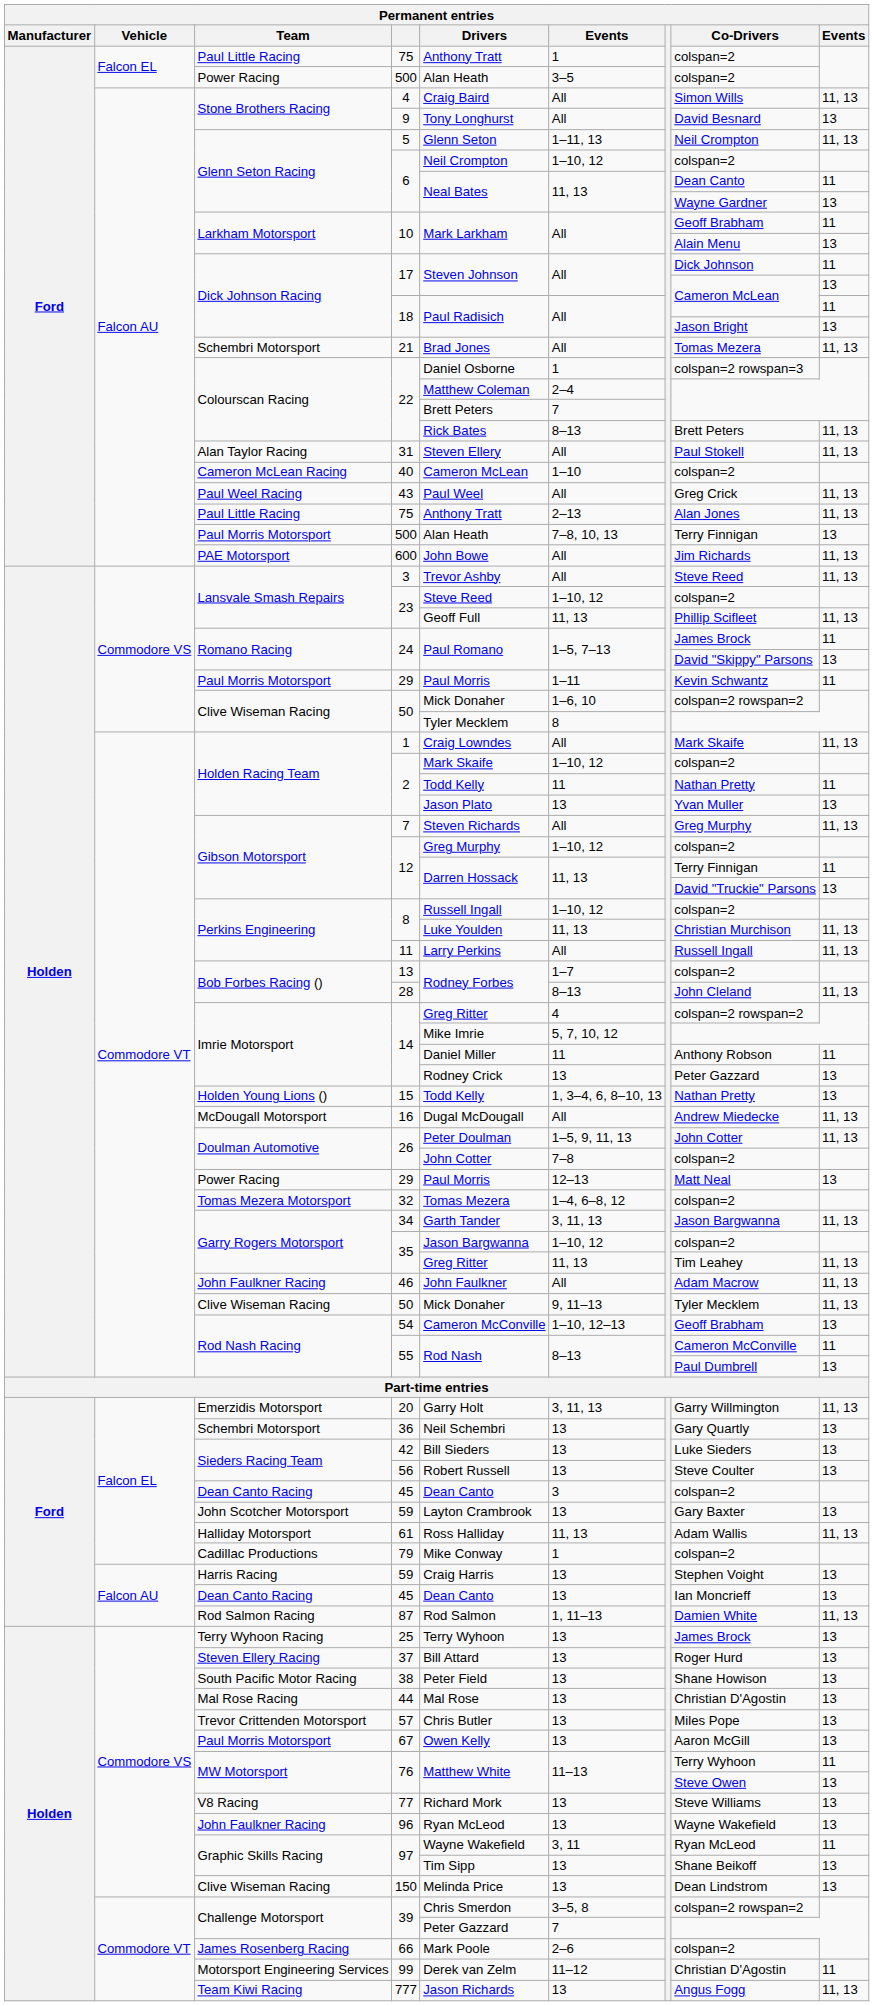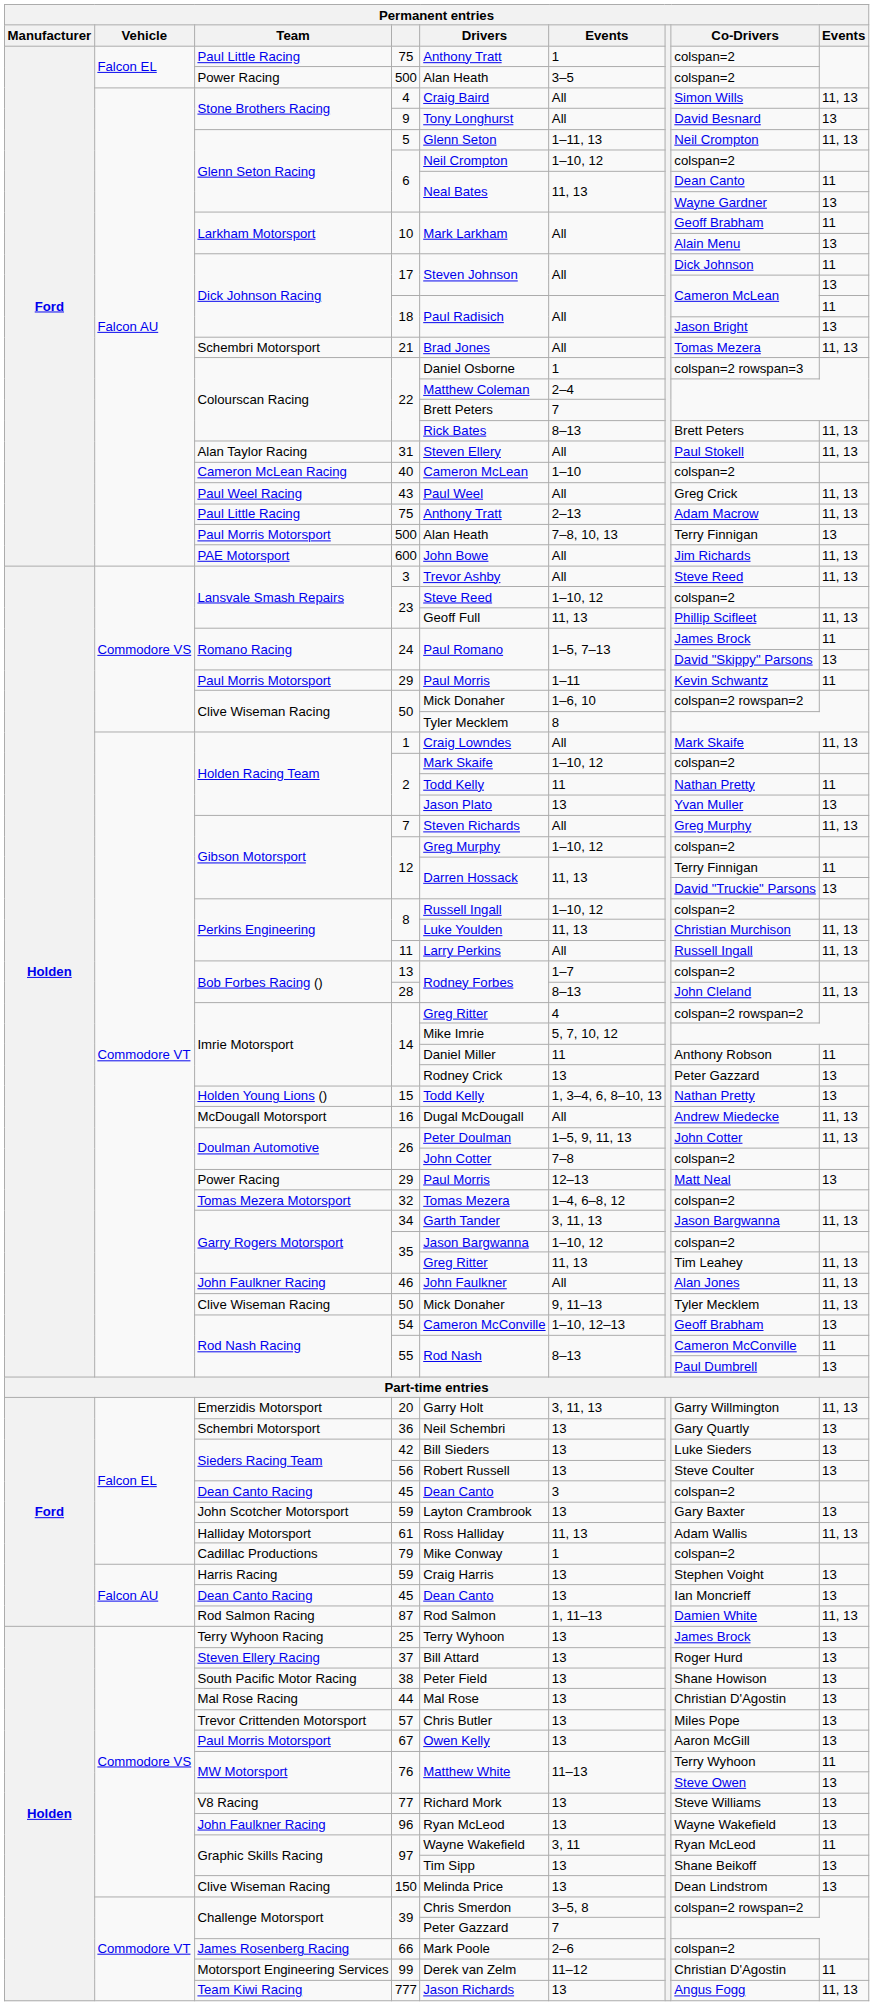 <table class="wikitable" style="font-size: 85%;">
 <tr>
 <th colspan=9>Permanent entries</th>
 </tr>
 <tr>
 <th>Manufacturer</th>
 <th>Vehicle</th>
 <th>Team</th>
 <th></th>
 <th>Drivers</th>
 <th>Events</th>
 <th rowspan=65></th>
 <th>Co-Drivers</th>
 <th>Events</th>
 </tr>
 <tr>
 <th rowspan=25><a href='#'>Ford</a></th>
 <td rowspan=2><a href='#'>Falcon EL</a></td>
 <td><a href='#'>Paul Little Racing</a></td>
 <td align=center>75</td>
 <td> <a href='#'>Anthony Tratt</a></td>
 <td>1</td>
 <td>colspan=2 </td>
 </tr>
 <tr>
 <td>Power Racing</td>
 <td align=center>500</td>
 <td> Alan Heath</td>
 <td>3–5</td>
 <td>colspan=2 </td>
 </tr>
 <tr>
 <td rowspan=23><a href='#'>Falcon AU</a></td>
 <td rowspan=2><a href='#'>Stone Brothers Racing</a></td>
 <td align=center>4</td>
 <td> <a href='#'>Craig Baird</a></td>
 <td>All</td>
 <td> <a href='#'>Simon Wills</a></td>
 <td>11, 13</td>
 </tr>
 <tr>
 <td align=center>9</td>
 <td> <a href='#'>Tony Longhurst</a></td>
 <td>All</td>
 <td> <a href='#'>David Besnard</a></td>
 <td>13</td>
 </tr>
 <tr>
 <td rowspan=4><a href='#'>Glenn Seton Racing</a></td>
 <td align=center>5</td>
 <td> <a href='#'>Glenn Seton</a></td>
 <td>1–11, 13</td>
 <td> <a href='#'>Neil Crompton</a></td>
 <td>11, 13</td>
 </tr>
 <tr>
 <td rowspan=3 align=center>6</td>
 <td> <a href='#'>Neil Crompton</a></td>
 <td>1–10, 12</td>
 <td>colspan=2 </td>
 </tr>
 <tr>
 <td rowspan=2> <a href='#'>Neal Bates</a></td>
 <td rowspan=2>11, 13</td>
 <td> <a href='#'>Dean Canto</a></td>
 <td>11</td>
 </tr>
 <tr>
 <td> <a href='#'>Wayne Gardner</a></td>
 <td>13</td>
 </tr>
 <tr>
 <td rowspan=2><a href='#'>Larkham Motorsport</a></td>
 <td rowspan=2 align=center>10</td>
 <td rowspan=2> <a href='#'>Mark Larkham</a></td>
 <td rowspan=2>All</td>
 <td> <a href='#'>Geoff Brabham</a></td>
 <td>11</td>
 </tr>
 <tr>
 <td> <a href='#'>Alain Menu</a></td>
 <td>13</td>
 </tr>
 <tr>
 <td rowspan=4><a href='#'>Dick Johnson Racing</a></td>
 <td rowspan=2 align=center>17</td>
 <td rowspan=2> <a href='#'>Steven Johnson</a></td>
 <td rowspan=2>All</td>
 <td> <a href='#'>Dick Johnson</a></td>
 <td>11</td>
 </tr>
 <tr>
 <td rowspan=2> <a href='#'>Cameron McLean</a></td>
 <td>13</td>
 </tr>
 <tr>
 <td rowspan=2 align=center>18</td>
 <td rowspan=2> <a href='#'>Paul Radisich</a></td>
 <td rowspan=2>All</td>
 <td>11</td>
 </tr>
 <tr>
 <td> <a href='#'>Jason Bright</a></td>
 <td>13</td>
 </tr>
 <tr>
 <td>Schembri Motorsport</td>
 <td align=center>21</td>
 <td> <a href='#'>Brad Jones</a></td>
 <td>All</td>
 <td> <a href='#'>Tomas Mezera</a></td>
 <td>11, 13</td>
 </tr>
 <tr>
 <td rowspan=4>Colourscan Racing</td>
 <td rowspan=4 align=center>22</td>
 <td> Daniel Osborne</td>
 <td>1</td>
 <td>colspan=2 rowspan=3 </td>
 </tr>
 <tr>
 <td> <a href='#'>Matthew Coleman</a></td>
 <td>2–4</td>
 </tr>
 <tr>
 <td> Brett Peters</td>
 <td>7</td>
 </tr>
 <tr>
 <td> <a href='#'>Rick Bates</a></td>
 <td>8–13</td>
 <td> Brett Peters</td>
 <td>11, 13</td>
 </tr>
 <tr>
 <td>Alan Taylor Racing</td>
 <td align=center>31</td>
 <td> <a href='#'>Steven Ellery</a></td>
 <td>All</td>
 <td> <a href='#'>Paul Stokell</a></td>
 <td>11, 13</td>
 </tr>
 <tr>
 <td><a href='#'>Cameron McLean Racing</a></td>
 <td align=center>40</td>
 <td> <a href='#'>Cameron McLean</a></td>
 <td>1–10</td>
 <td>colspan=2 </td>
 </tr>
 <tr>
 <td><a href='#'>Paul Weel Racing</a></td>
 <td align=center>43</td>
 <td> <a href='#'>Paul Weel</a></td>
 <td>All</td>
 <td> Greg Crick</td>
 <td>11, 13</td>
 </tr>
 <tr>
 <td><a href='#'>Paul Little Racing</a></td>
 <td align=center>75</td>
 <td> <a href='#'>Anthony Tratt</a></td>
 <td>2–13</td>
-<td> <a href='#'>Alan Jones</a></td>
+<td> <a href='#'>Adam Macrow</a></td>
 <td>11, 13</td>
 </tr>
 <tr>
 <td><a href='#'>Paul Morris Motorsport</a></td>
 <td align=center>500</td>
 <td> Alan Heath</td>
 <td>7–8, 10, 13</td>
 <td> Terry Finnigan</td>
 <td>13</td>
 </tr>
 <tr>
 <td><a href='#'>PAE Motorsport</a></td>
 <td align=center>600</td>
 <td> <a href='#'>John Bowe</a></td>
 <td>All</td>
 <td> <a href='#'>Jim Richards</a></td>
 <td>11, 13</td>
 </tr>
 <tr>
 <th rowspan=39><a href='#'>Holden</a></th>
 <td rowspan=8><a href='#'>Commodore VS</a></td>
 <td rowspan=3><a href='#'>Lansvale Smash Repairs</a></td>
 <td align=center>3</td>
 <td> <a href='#'>Trevor Ashby</a></td>
 <td>All</td>
 <td> <a href='#'>Steve Reed</a></td>
 <td>11, 13</td>
 </tr>
 <tr>
 <td rowspan=2 align=center>23</td>
 <td> <a href='#'>Steve Reed</a></td>
 <td>1–10, 12</td>
 <td>colspan=2 </td>
 </tr>
 <tr>
 <td> Geoff Full</td>
 <td>11, 13</td>
 <td> <a href='#'>Phillip Scifleet</a></td>
 <td>11, 13</td>
 </tr>
 <tr>
 <td rowspan=2><a href='#'>Romano Racing</a></td>
 <td rowspan=2 align=center>24</td>
 <td rowspan=2> <a href='#'>Paul Romano</a></td>
 <td rowspan=2>1–5, 7–13</td>
 <td> <a href='#'>James Brock</a></td>
 <td>11</td>
 </tr>
 <tr>
 <td> <a href='#'>David "Skippy" Parsons</a></td>
 <td>13</td>
 </tr>
 <tr>
 <td><a href='#'>Paul Morris Motorsport</a></td>
 <td align=center>29</td>
 <td> <a href='#'>Paul Morris</a></td>
 <td>1–11</td>
 <td> <a href='#'>Kevin Schwantz</a></td>
 <td>11</td>
 </tr>
 <tr>
 <td rowspan=2>Clive Wiseman Racing</td>
 <td rowspan=2 align=center>50</td>
 <td> Mick Donaher</td>
 <td>1–6, 10</td>
 <td>colspan=2 rowspan=2 </td>
 </tr>
 <tr>
 <td> Tyler Mecklem</td>
 <td>8</td>
 </tr>
 <tr>
 <td rowspan=31><a href='#'>Commodore VT</a></td>
 <td rowspan=4><a href='#'>Holden Racing Team</a></td>
 <td align=center>1</td>
 <td> <a href='#'>Craig Lowndes</a></td>
 <td>All</td>
 <td> <a href='#'>Mark Skaife</a></td>
 <td>11, 13</td>
 </tr>
 <tr>
 <td rowspan=3 align=center>2</td>
 <td> <a href='#'>Mark Skaife</a></td>
 <td>1–10, 12</td>
 <td>colspan=2 </td>
 </tr>
 <tr>
 <td> <a href='#'>Todd Kelly</a></td>
 <td>11</td>
 <td> <a href='#'>Nathan Pretty</a></td>
 <td>11</td>
 </tr>
 <tr>
 <td> <a href='#'>Jason Plato</a></td>
 <td>13</td>
 <td> <a href='#'>Yvan Muller</a></td>
 <td>13</td>
 </tr>
 <tr>
 <td rowspan=4><a href='#'>Gibson Motorsport</a></td>
 <td align=center>7</td>
 <td> <a href='#'>Steven Richards</a></td>
 <td>All</td>
 <td> <a href='#'>Greg Murphy</a></td>
 <td>11, 13</td>
 </tr>
 <tr>
 <td rowspan=3 align=center>12</td>
 <td> <a href='#'>Greg Murphy</a></td>
 <td>1–10, 12</td>
 <td>colspan=2 </td>
 </tr>
 <tr>
 <td rowspan=2> <a href='#'>Darren Hossack</a></td>
 <td rowspan=2>11, 13</td>
 <td> Terry Finnigan</td>
 <td>11</td>
 </tr>
 <tr>
 <td> <a href='#'>David "Truckie" Parsons</a></td>
 <td>13</td>
 </tr>
 <tr>
 <td rowspan=3><a href='#'>Perkins Engineering</a></td>
 <td rowspan=2 align=center>8</td>
 <td> <a href='#'>Russell Ingall</a></td>
 <td>1–10, 12</td>
 <td>colspan=2 </td>
 </tr>
 <tr>
 <td> <a href='#'>Luke Youlden</a></td>
 <td>11, 13</td>
 <td> <a href='#'>Christian Murchison</a></td>
 <td>11, 13</td>
 </tr>
 <tr>
 <td align=center>11</td>
 <td> <a href='#'>Larry Perkins</a></td>
 <td>All</td>
 <td> <a href='#'>Russell Ingall</a></td>
 <td>11, 13</td>
 </tr>
 <tr>
 <td rowspan=2><a href='#'>Bob Forbes Racing</a> ()</td>
 <td align=center>13</td>
 <td rowspan=2> <a href='#'>Rodney Forbes</a></td>
 <td>1–7</td>
 <td>colspan=2 </td>
 </tr>
 <tr>
 <td align=center>28</td>
 <td>8–13</td>
 <td> <a href='#'>John Cleland</a></td>
 <td>11, 13</td>
 </tr>
 <tr>
 <td rowspan=4>Imrie Motorsport</td>
 <td rowspan=4 align=center>14</td>
 <td> <a href='#'>Greg Ritter</a></td>
 <td>4</td>
 <td>colspan=2 rowspan=2 </td>
 </tr>
 <tr>
 <td> Mike Imrie</td>
 <td>5, 7, 10, 12</td>
 </tr>
 <tr>
 <td> Daniel Miller</td>
 <td>11</td>
 <td> Anthony Robson</td>
 <td>11</td>
 </tr>
 <tr>
 <td> Rodney Crick</td>
 <td>13</td>
 <td> Peter Gazzard</td>
 <td>13</td>
 </tr>
 <tr>
 <td><a href='#'>Holden Young Lions</a> ()</td>
 <td align=center>15</td>
 <td> <a href='#'>Todd Kelly</a></td>
 <td>1, 3–4, 6, 8–10, 13</td>
 <td> <a href='#'>Nathan Pretty</a></td>
 <td>13</td>
 </tr>
 <tr>
 <td>McDougall Motorsport</td>
 <td align=center>16</td>
 <td> Dugal McDougall</td>
 <td>All</td>
 <td> <a href='#'>Andrew Miedecke</a></td>
 <td>11, 13</td>
 </tr>
 <tr>
 <td rowspan=2><a href='#'>Doulman Automotive</a></td>
 <td rowspan=2 align=center>26</td>
 <td> <a href='#'>Peter Doulman</a></td>
 <td>1–5, 9, 11, 13</td>
 <td> <a href='#'>John Cotter</a></td>
 <td>11, 13</td>
 </tr>
 <tr>
 <td> <a href='#'>John Cotter</a></td>
 <td>7–8</td>
 <td>colspan=2 </td>
 </tr>
 <tr>
 <td>Power Racing</td>
 <td align=center>29</td>
 <td> <a href='#'>Paul Morris</a></td>
 <td>12–13</td>
 <td> <a href='#'>Matt Neal</a></td>
 <td>13</td>
 </tr>
 <tr>
 <td><a href='#'>Tomas Mezera Motorsport</a></td>
 <td align=center>32</td>
 <td> <a href='#'>Tomas Mezera</a></td>
 <td>1–4, 6–8, 12</td>
 <td>colspan=2 </td>
 </tr>
 <tr>
 <td rowspan=3><a href='#'>Garry Rogers Motorsport</a></td>
 <td align=center>34</td>
 <td> <a href='#'>Garth Tander</a></td>
 <td>3, 11, 13</td>
 <td> <a href='#'>Jason Bargwanna</a></td>
 <td>11, 13</td>
 </tr>
 <tr>
 <td rowspan=2 align=center>35</td>
 <td> <a href='#'>Jason Bargwanna</a></td>
 <td>1–10, 12</td>
 <td>colspan=2 </td>
 </tr>
 <tr>
 <td> <a href='#'>Greg Ritter</a></td>
 <td>11, 13</td>
 <td> Tim Leahey</td>
 <td>11, 13</td>
 </tr>
 <tr>
 <td><a href='#'>John Faulkner Racing</a></td>
 <td align=center>46</td>
 <td> <a href='#'>John Faulkner</a></td>
 <td>All</td>
-<td> <a href='#'>Adam Macrow</a></td>
+<td> <a href='#'>Alan Jones</a></td>
 <td>11, 13</td>
 </tr>
 <tr>
 <td>Clive Wiseman Racing</td>
 <td align=center>50</td>
 <td> Mick Donaher</td>
 <td>9, 11–13</td>
 <td> Tyler Mecklem</td>
 <td>11, 13</td>
 </tr>
 <tr>
 <td rowspan=3><a href='#'>Rod Nash Racing</a></td>
 <td align=center>54</td>
 <td> <a href='#'>Cameron McConville</a></td>
 <td>1–10, 12–13</td>
 <td> <a href='#'>Geoff Brabham</a></td>
 <td>13</td>
 </tr>
 <tr>
 <td rowspan=2 align=center>55</td>
 <td rowspan=2> <a href='#'>Rod Nash</a></td>
 <td rowspan=2>8–13</td>
 <td> <a href='#'>Cameron McConville</a></td>
 <td>11</td>
 </tr>
 <tr>
 <td> <a href='#'>Paul Dumbrell</a></td>
 <td>13</td>
 </tr>
 <tr>
 <th colspan=9>Part-time entries</th>
 </tr>
 <tr>
 <th rowspan=11><a href='#'>Ford</a></th>
 <td rowspan=8><a href='#'>Falcon EL</a></td>
 <td>Emerzidis Motorsport</td>
 <td align=center>20</td>
 <td> Garry Holt</td>
 <td>3, 11, 13</td>
 <th rowspan=29></th>
 <td> Garry Willmington</td>
 <td>11, 13</td>
 </tr>
 <tr>
 <td>Schembri Motorsport</td>
 <td align=center>36</td>
 <td> Neil Schembri</td>
 <td>13</td>
 <td> Gary Quartly</td>
 <td>13</td>
 </tr>
 <tr>
 <td rowspan=2><a href='#'>Sieders Racing Team</a></td>
 <td align=center>42</td>
 <td> Bill Sieders</td>
 <td>13</td>
 <td> Luke Sieders</td>
 <td>13</td>
 </tr>
 <tr>
 <td align=center>56</td>
 <td> Robert Russell</td>
 <td>13</td>
 <td> Steve Coulter</td>
 <td>13</td>
 </tr>
 <tr>
 <td><a href='#'>Dean Canto Racing</a></td>
 <td align=center>45</td>
 <td> <a href='#'>Dean Canto</a></td>
 <td>3</td>
 <td>colspan=2 </td>
 </tr>
 <tr>
 <td>John Scotcher Motorsport</td>
 <td align=center>59</td>
 <td> Layton Crambrook</td>
 <td>13</td>
 <td> Gary Baxter</td>
 <td>13</td>
 </tr>
 <tr>
 <td>Halliday Motorsport</td>
 <td align=center>61</td>
 <td> Ross Halliday</td>
 <td>11, 13</td>
 <td> Adam Wallis</td>
 <td>11, 13</td>
 </tr>
 <tr>
 <td>Cadillac Productions</td>
 <td align=center>79</td>
 <td> Mike Conway</td>
 <td>1</td>
 <td>colspan=2 </td>
 </tr>
 <tr>
 <td rowspan=3><a href='#'>Falcon AU</a></td>
 <td>Harris Racing</td>
 <td align=center>59</td>
 <td> Craig Harris</td>
 <td>13</td>
 <td> Stephen Voight</td>
 <td>13</td>
 </tr>
 <tr>
 <td><a href='#'>Dean Canto Racing</a></td>
 <td align=center>45</td>
 <td> <a href='#'>Dean Canto</a></td>
 <td>13</td>
 <td> Ian Moncrieff</td>
 <td>13</td>
 </tr>
 <tr>
 <td>Rod Salmon Racing</td>
 <td align=center>87</td>
 <td> Rod Salmon</td>
 <td>1, 11–13</td>
 <td> <a href='#'>Damien White</a></td>
 <td>11, 13</td>
 </tr>
 <tr>
 <th rowspan=18><a href='#'>Holden</a></th>
 <td rowspan=13><a href='#'>Commodore VS</a></td>
 <td>Terry Wyhoon Racing</td>
 <td align=center>25</td>
 <td> Terry Wyhoon</td>
 <td>13</td>
 <td> <a href='#'>James Brock</a></td>
 <td>13</td>
 </tr>
 <tr>
 <td><a href='#'>Steven Ellery Racing</a></td>
 <td align=center>37</td>
 <td> Bill Attard</td>
 <td>13</td>
 <td> Roger Hurd</td>
 <td>13</td>
 </tr>
 <tr>
 <td>South Pacific Motor Racing</td>
 <td align=center>38</td>
 <td> Peter Field</td>
 <td>13</td>
 <td> Shane Howison</td>
 <td>13</td>
 </tr>
 <tr>
 <td>Mal Rose Racing</td>
 <td align=center>44</td>
 <td> Mal Rose</td>
 <td>13</td>
 <td> Christian D'Agostin</td>
 <td>13</td>
 </tr>
 <tr>
 <td>Trevor Crittenden Motorsport</td>
 <td align=center>57</td>
 <td> Chris Butler</td>
 <td>13</td>
 <td> Miles Pope</td>
 <td>13</td>
 </tr>
 <tr>
 <td><a href='#'>Paul Morris Motorsport</a></td>
 <td align=center>67</td>
 <td> <a href='#'>Owen Kelly</a></td>
 <td>13</td>
 <td> Aaron McGill</td>
 <td>13</td>
 </tr>
 <tr>
 <td rowspan=2><a href='#'>MW Motorsport</a></td>
 <td rowspan=2 align=center>76</td>
 <td rowspan=2> <a href='#'>Matthew White</a></td>
 <td rowspan=2>11–13</td>
 <td> Terry Wyhoon</td>
 <td>11</td>
 </tr>
 <tr>
 <td> <a href='#'>Steve Owen</a></td>
 <td>13</td>
 </tr>
 <tr>
 <td>V8 Racing</td>
 <td align=center>77</td>
 <td> Richard Mork</td>
 <td>13</td>
 <td> Steve Williams</td>
 <td>13</td>
 </tr>
 <tr>
 <td><a href='#'>John Faulkner Racing</a></td>
 <td align=center>96</td>
 <td> Ryan McLeod</td>
 <td>13</td>
 <td> Wayne Wakefield</td>
 <td>13</td>
 </tr>
 <tr>
 <td rowspan=2>Graphic Skills Racing</td>
 <td rowspan=2 align=center>97</td>
 <td> Wayne Wakefield</td>
 <td>3, 11</td>
 <td> Ryan McLeod</td>
 <td>11</td>
 </tr>
 <tr>
 <td> Tim Sipp</td>
 <td>13</td>
 <td> Shane Beikoff</td>
 <td>13</td>
 </tr>
 <tr>
 <td>Clive Wiseman Racing</td>
 <td align=center>150</td>
 <td> Melinda Price</td>
 <td>13</td>
 <td> Dean Lindstrom</td>
 <td>13</td>
 </tr>
 <tr>
 <td rowspan=5><a href='#'>Commodore VT</a></td>
 <td rowspan=2>Challenge Motorsport</td>
 <td rowspan=2 align=center>39</td>
 <td> Chris Smerdon</td>
 <td>3–5, 8</td>
 <td>colspan=2 rowspan=2 </td>
 </tr>
 <tr>
 <td> Peter Gazzard</td>
 <td>7</td>
 </tr>
 <tr>
 <td><a href='#'>James Rosenberg Racing</a></td>
 <td align=center>66</td>
 <td> Mark Poole</td>
 <td>2–6</td>
 <td>colspan=2 </td>
 </tr>
 <tr>
 <td>Motorsport Engineering Services</td>
 <td align=center>99</td>
 <td> Derek van Zelm</td>
 <td>11–12</td>
 <td> Christian D'Agostin</td>
 <td>11</td>
 </tr>
 <tr>
 <td><a href='#'>Team Kiwi Racing</a></td>
 <td align=center>777</td>
 <td> <a href='#'>Jason Richards</a></td>
 <td>13</td>
 <td> <a href='#'>Angus Fogg</a></td>
 <td>11, 13</td>
 </tr>
 </table>
